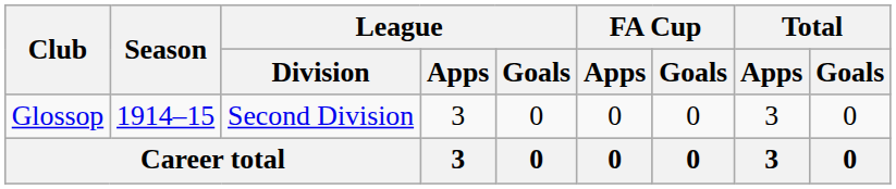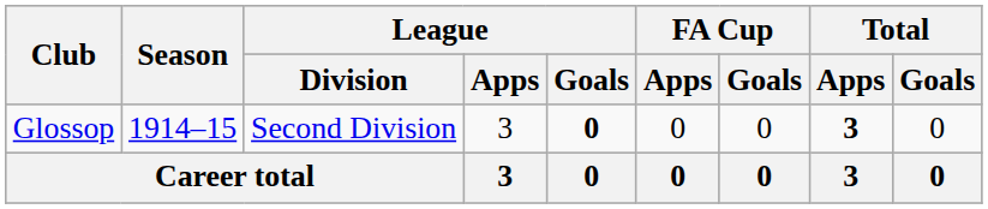 <table class="wikitable" style="text-align: center;">
 <tr>
 <th rowspan="2">Club</th>
 <th rowspan="2">Season</th>
 <th colspan="3">League</th>
 <th colspan="2">FA Cup</th>
 <th colspan="2">Total</th>
 </tr>
 <tr>
 <th>Division</th>
 <th>Apps</th>
 <th>Goals</th>
 <th>Apps</th>
 <th>Goals</th>
 <th>Apps</th>
 <th>Goals</th>
 </tr>
 <tr>
 <td><a href='#'>Glossop</a></td>
 <td><a href='#'>1914–15</a></td>
 <td><a href='#'>Second Division</a></td>
 <td>3</td>
+<td><strong>0</strong></td>
 <td>0</td>
 <td>0</td>
-<td>0</td>
-<td>3</td>
+<td><strong>3</strong></td>
 <td>0</td>
 </tr>
 <tr>
 <th colspan="3">Career total</th>
 <th>3</th>
 <th>0</th>
 <th>0</th>
 <th>0</th>
 <th>3</th>
 <th>0</th>
 </tr>
 </table>
